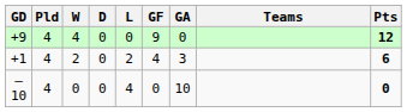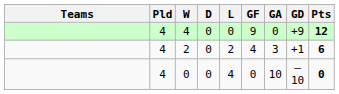 <table class="wikitable" style="text-align: center;">
 <tr>
-<th width=20>GD</th>
+<th width=165>Teams</th>
 <th width=20>Pld</th>
 <th width=20>W</th>
 <th width=20>D</th>
 <th width=20>L</th>
 <th width=20>GF</th>
 <th width=20>GA</th>
-<th width=165>Teams</th>
+<th width=20>GD</th>
 <th width=20>Pts</th>
 </tr>
 <tr align=center style="background:#ccffcc;">
-<td>+9</td>
+<td style="text-align:left;"></td>
 <td>4</td>
 <td>4</td>
 <td>0</td>
 <td>0</td>
 <td>9</td>
 <td>0</td>
-<td style="text-align:left;"></td>
+<td>+9</td>
 <td><strong>12</strong></td>
 </tr>
 <tr align=center>
-<td>+1</td>
+<td style="text-align:left;"></td>
 <td>4</td>
 <td>2</td>
 <td>0</td>
 <td>2</td>
 <td>4</td>
 <td>3</td>
-<td style="text-align:left;"></td>
+<td>+1</td>
 <td><strong>6</strong></td>
 </tr>
 <tr align=center>
-<td>–10</td>
+<td style="text-align:left;"></td>
 <td>4</td>
 <td>0</td>
 <td>0</td>
 <td>4</td>
 <td>0</td>
 <td>10</td>
-<td style="text-align:left;"></td>
+<td>–10</td>
 <td><strong>0</strong></td>
 </tr>
 </table>
